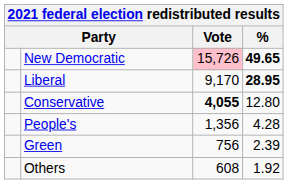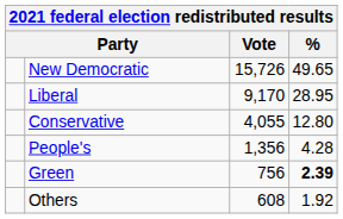 <table class="wikitable">
 <tr>
 <th colspan="4"><a href='#'>2021 federal election</a> redistributed results</th>
 </tr>
 <tr>
 <th bgcolor="#DDDDFF" width="130px" colspan="2">Party</th>
 <th bgcolor="#DDDDFF" width="50px">Vote</th>
 <th bgcolor="#DDDDFF" width="30px">%</th>
 </tr>
 <tr>
 <td> </td>
 <td><a href='#'>New Democratic</a></td>
-<td align=right style="background: pink;">15,726</td>
-<td align=right><strong>49.65</strong></td>
+<td align=right>15,726</td>
+<td align=right>49.65</td>
 </tr>
 <tr>
 <td> </td>
 <td><a href='#'>Liberal</a></td>
 <td align=right>9,170</td>
-<td align=right><strong>28.95</strong></td>
+<td align=right>28.95</td>
 </tr>
 <tr>
 <td> </td>
 <td><a href='#'>Conservative</a></td>
-<td align=right><strong>4,055</strong></td>
+<td align=right>4,055</td>
 <td align=right>12.80</td>
 </tr>
 <tr>
 <td> </td>
 <td><a href='#'>People's</a></td>
 <td align=right>1,356</td>
 <td align=right>4.28</td>
 </tr>
 <tr>
 <td> </td>
 <td><a href='#'>Green</a></td>
 <td align=right>756</td>
-<td align=right>2.39</td>
+<td align=right><strong>2.39</strong></td>
 </tr>
 <tr>
 <td> </td>
 <td>Others</td>
 <td align=right>608</td>
 <td align=right>1.92</td>
 </tr>
 </table>
